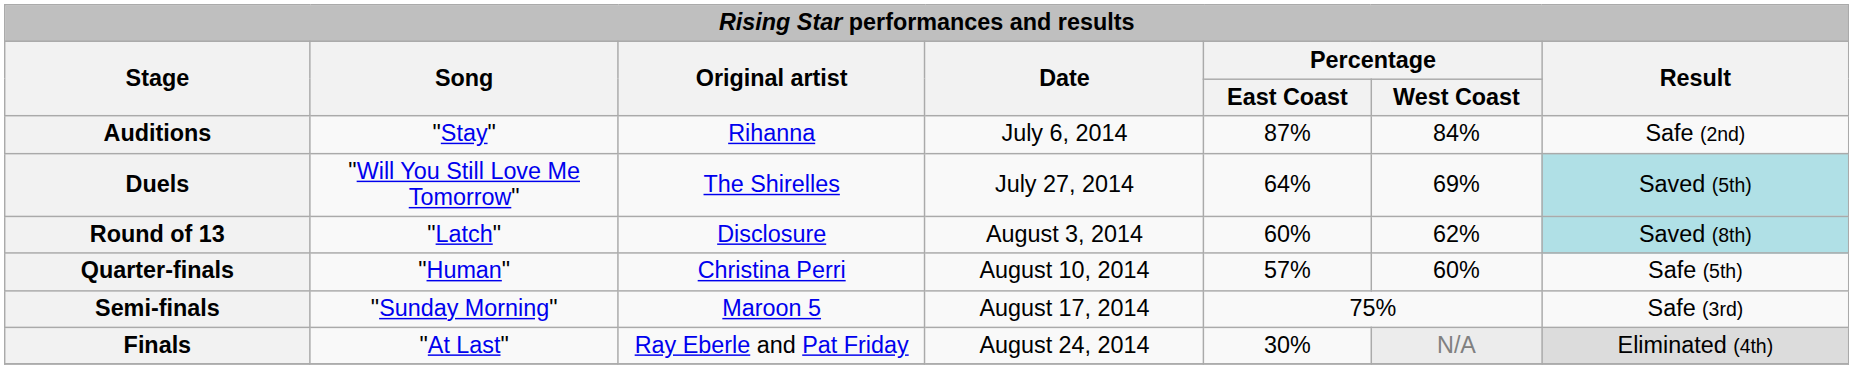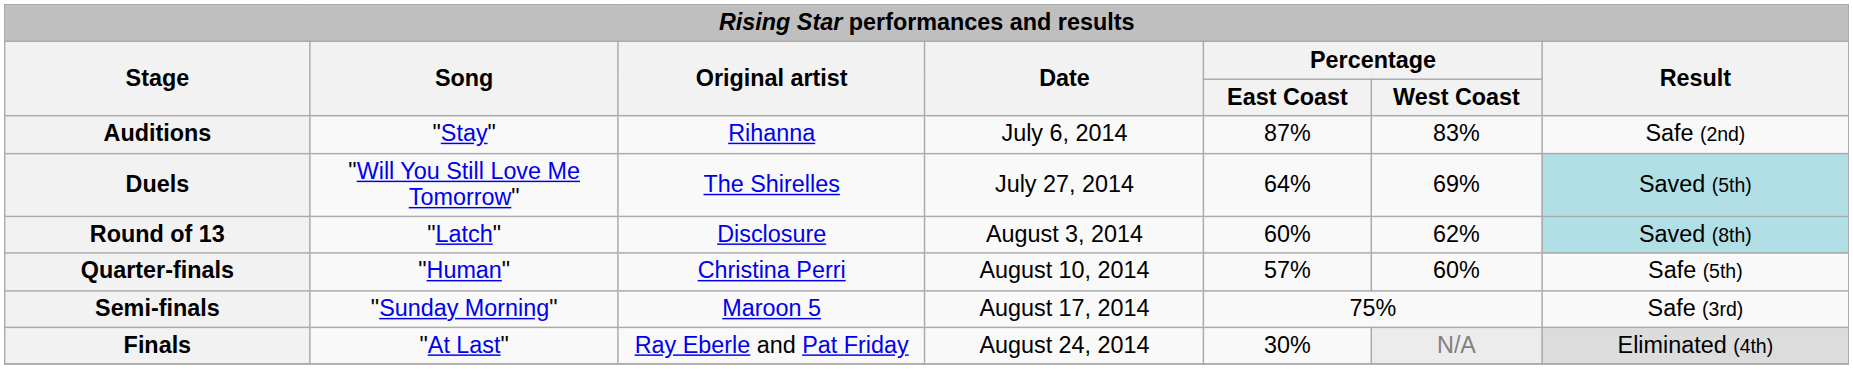 <table class="wikitable collapsible collapsed" style="width:100%; margin:1em auto 1em auto; text-align:center;">
 <tr>
 <th colspan="7" style="background:#BFBFBF;"><em>Rising Star</em> performances and results</th>
 </tr>
 <tr>
 <th scope="col" rowspan="2" style="width:05%;">Stage</th>
 <th scope="col" rowspan="2" style="width:05%;">Song</th>
 <th scope="col" rowspan="2" style="width:05%;">Original artist</th>
 <th scope="col" rowspan="2" style="width:05%;">Date</th>
 <th scope="col" colspan="2" style="width:05%;">Percentage</th>
 <th scope="col" rowspan="2" style="width:05%;">Result</th>
 </tr>
 <tr>
 <th>East Coast</th>
 <th>West Coast</th>
 </tr>
 <tr>
 <th scope="row">Auditions</th>
 <td>"<a href='#'>Stay</a>"</td>
 <td><a href='#'>Rihanna</a></td>
 <td>July 6, 2014</td>
 <td>87%</td>
-<td>84%</td>
+<td>83%</td>
 <td>Safe <small>(2nd)</small></td>
 </tr>
 <tr>
 <th scope="row">Duels</th>
 <td>"<a href='#'>Will You Still Love Me Tomorrow</a>"</td>
 <td><a href='#'>The Shirelles</a></td>
 <td>July 27, 2014</td>
 <td>64%</td>
 <td>69%</td>
 <td style="background:#b0e0e6">Saved <small>(5th)</small></td>
 </tr>
 <tr>
 <th scope="row">Round of 13</th>
 <td>"<a href='#'>Latch</a>"</td>
 <td><a href='#'>Disclosure</a></td>
 <td>August 3, 2014</td>
 <td>60%</td>
 <td>62%</td>
 <td style="background:#b0e0e6">Saved <small>(8th)</small></td>
 </tr>
 <tr>
 <th scope="row">Quarter-finals</th>
 <td>"<a href='#'>Human</a>"</td>
 <td><a href='#'>Christina Perri</a></td>
 <td>August 10, 2014</td>
 <td>57%</td>
 <td>60%</td>
 <td>Safe <small>(5th)</small></td>
 </tr>
 <tr>
 <th scope="row">Semi-finals</th>
 <td>"<a href='#'>Sunday Morning</a>"</td>
 <td><a href='#'>Maroon 5</a></td>
 <td>August 17, 2014</td>
 <td colspan="2">75%</td>
 <td>Safe <small>(3rd)</small></td>
 </tr>
 <tr>
 <th scope="row">Finals</th>
 <td>"<a href='#'>At Last</a>"</td>
 <td><a href='#'>Ray Eberle</a> and <a href='#'>Pat Friday</a></td>
 <td>August 24, 2014</td>
 <td>30%</td>
 <td style="background: #ececec; color: grey; vertical-align: middle; text-align: center; " class="table-na">N/A</td>
 <td style="background:#DCDCDC">Eliminated <small>(4th)</small></td>
 </tr>
 <tr>
 </tr>
 </table>
